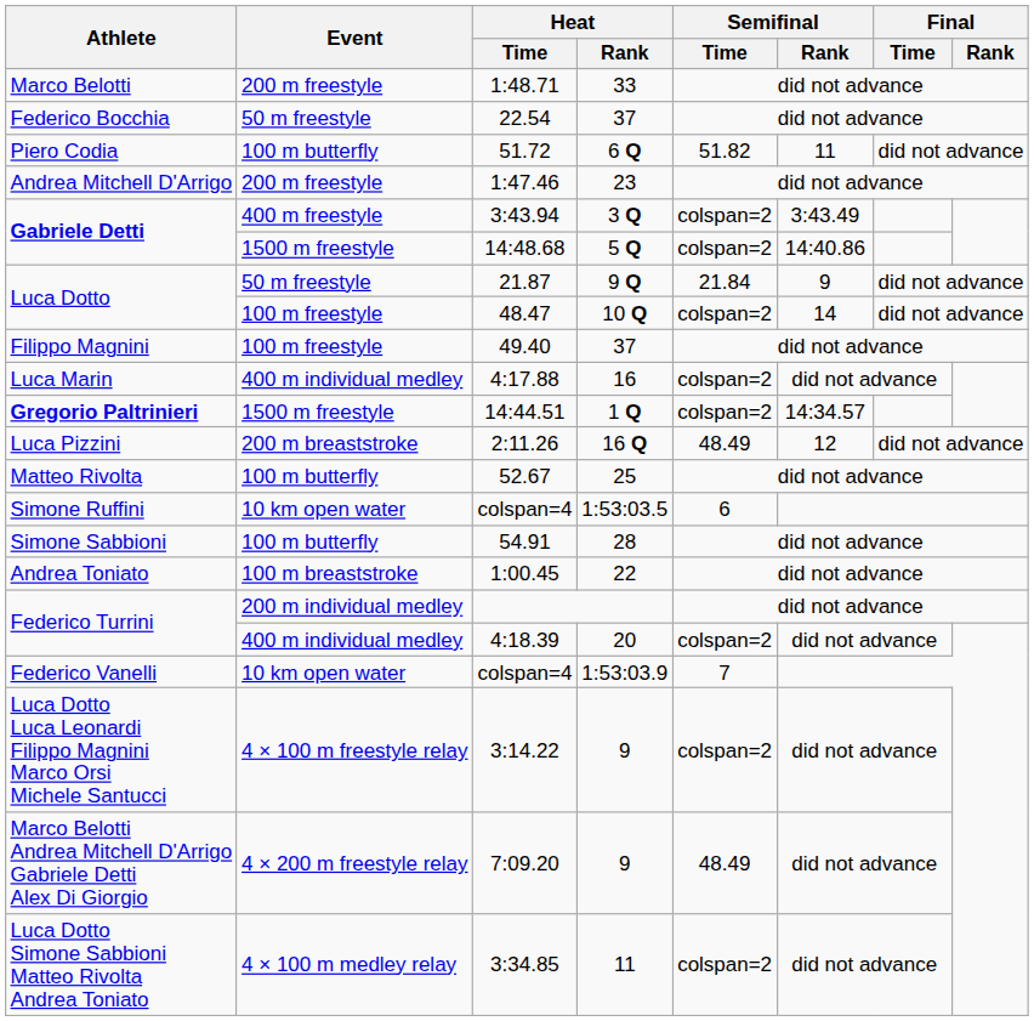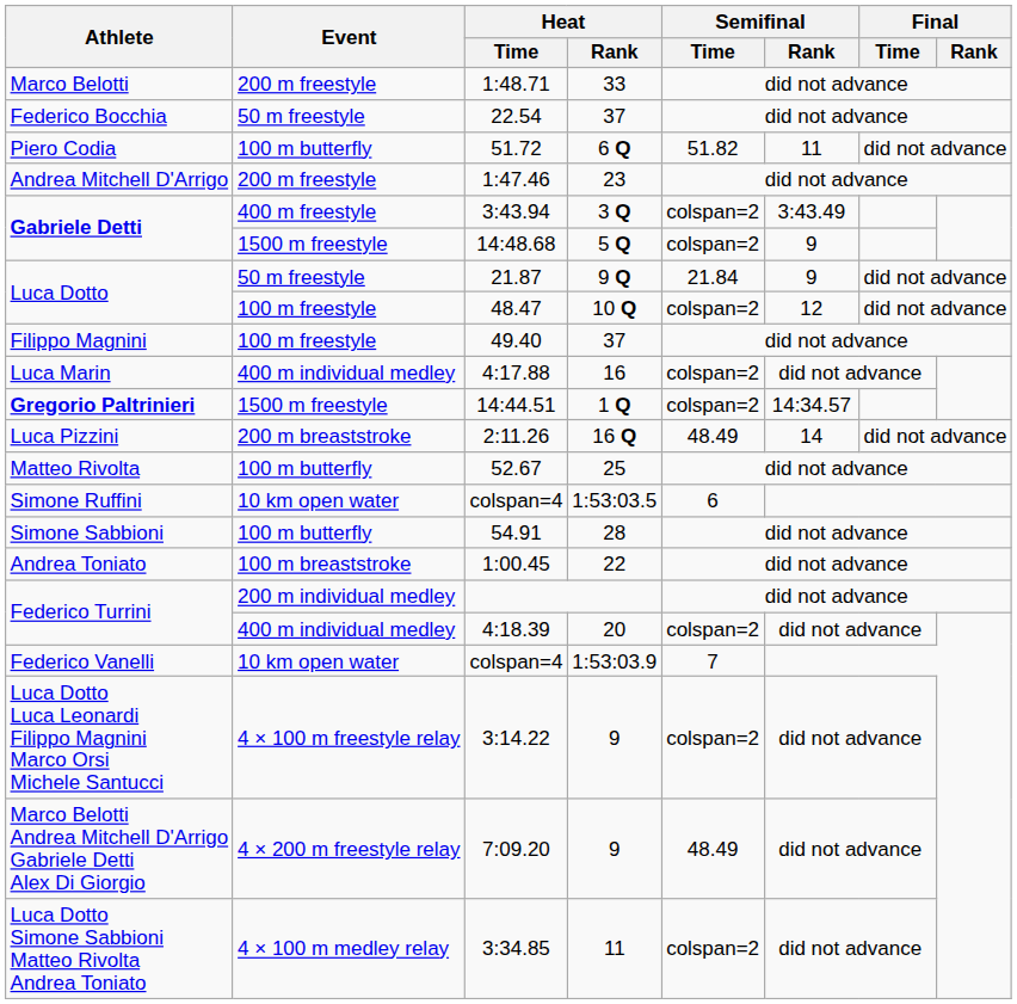 <table class=wikitable style="font-size:90%">
 <tr>
 <th rowspan="2">Athlete</th>
 <th rowspan="2">Event</th>
 <th colspan="2">Heat</th>
 <th colspan="2">Semifinal</th>
 <th colspan="2">Final</th>
 </tr>
 <tr style="font-size:95%">
 <th>Time</th>
 <th>Rank</th>
 <th>Time</th>
 <th>Rank</th>
 <th>Time</th>
 <th>Rank</th>
 </tr>
 <tr align=center>
 <td align=left><a href='#'>Marco Belotti</a></td>
 <td align=left><a href='#'>200 m freestyle</a></td>
 <td>1:48.71</td>
 <td>33</td>
 <td colspan=4>did not advance</td>
 </tr>
 <tr align=center>
 <td align=left><a href='#'>Federico Bocchia</a></td>
 <td align=left><a href='#'>50 m freestyle</a></td>
 <td>22.54</td>
 <td>37</td>
 <td colspan=4>did not advance</td>
 </tr>
 <tr align=center>
 <td align=left><a href='#'>Piero Codia</a></td>
 <td align=left><a href='#'>100 m butterfly</a></td>
 <td>51.72</td>
 <td>6 <strong>Q</strong></td>
 <td>51.82</td>
 <td>11</td>
 <td colspan=2>did not advance</td>
 </tr>
 <tr align=center>
 <td align=left><a href='#'>Andrea Mitchell D'Arrigo</a></td>
 <td align=left><a href='#'>200 m freestyle</a></td>
 <td>1:47.46</td>
 <td>23</td>
 <td colspan=4>did not advance</td>
 </tr>
 <tr align=center>
 <td align=left rowspan=2><strong><a href='#'>Gabriele Detti</a></strong></td>
 <td align=left><a href='#'>400 m freestyle</a></td>
 <td>3:43.94</td>
 <td>3 <strong>Q</strong></td>
 <td>colspan=2 </td>
 <td>3:43.49</td>
 <td></td>
 </tr>
 <tr align=center>
 <td align=left><a href='#'>1500 m freestyle</a></td>
 <td>14:48.68</td>
 <td>5 <strong>Q</strong></td>
 <td>colspan=2 </td>
-<td>14:40.86</td>
+<td>9</td>
 <td></td>
 </tr>
 <tr align=center>
 <td align=left rowspan=2><a href='#'>Luca Dotto</a></td>
 <td align=left><a href='#'>50 m freestyle</a></td>
 <td>21.87</td>
 <td>9 <strong>Q</strong></td>
 <td>21.84</td>
 <td>9</td>
 <td colspan=2>did not advance</td>
 </tr>
 <tr align=center>
 <td align=left><a href='#'>100 m freestyle</a></td>
 <td>48.47</td>
 <td>10 <strong>Q</strong></td>
 <td>colspan=2 </td>
-<td>14</td>
+<td>12</td>
 <td colspan=2>did not advance</td>
 </tr>
 <tr align=center>
 <td align=left><a href='#'>Filippo Magnini</a></td>
 <td align=left><a href='#'>100 m freestyle</a></td>
 <td>49.40</td>
 <td>37</td>
 <td colspan=4>did not advance</td>
 </tr>
 <tr align=center>
 <td align=left><a href='#'>Luca Marin</a></td>
 <td align=left><a href='#'>400 m individual medley</a></td>
 <td>4:17.88</td>
 <td>16</td>
 <td>colspan=2 </td>
 <td colspan=2>did not advance</td>
 </tr>
 <tr align=center>
 <td align=left><strong><a href='#'>Gregorio Paltrinieri</a></strong></td>
 <td align=left><a href='#'>1500 m freestyle</a></td>
 <td>14:44.51</td>
 <td>1 <strong>Q</strong></td>
 <td>colspan=2 </td>
 <td>14:34.57</td>
 <td></td>
 </tr>
 <tr align=center>
 <td align=left><a href='#'>Luca Pizzini</a></td>
 <td align=left><a href='#'>200 m breaststroke</a></td>
 <td>2:11.26</td>
 <td>16 <strong>Q</strong></td>
 <td>48.49</td>
-<td>12</td>
+<td>14</td>
 <td colspan=2>did not advance</td>
 </tr>
 <tr align=center>
 <td align=left><a href='#'>Matteo Rivolta</a></td>
 <td align=left><a href='#'>100 m butterfly</a></td>
 <td>52.67</td>
 <td>25</td>
 <td colspan=4>did not advance</td>
 </tr>
 <tr align=center>
 <td align=left><a href='#'>Simone Ruffini</a></td>
 <td align=left><a href='#'>10 km open water</a></td>
 <td>colspan=4 </td>
 <td>1:53:03.5</td>
 <td>6</td>
 </tr>
 <tr align=center>
 <td align=left><a href='#'>Simone Sabbioni</a></td>
 <td align=left><a href='#'>100 m butterfly</a></td>
 <td>54.91</td>
 <td>28</td>
 <td colspan=4>did not advance</td>
 </tr>
 <tr align=center>
 <td align=left><a href='#'>Andrea Toniato</a></td>
 <td align=left><a href='#'>100 m breaststroke</a></td>
 <td>1:00.45</td>
 <td>22</td>
 <td colspan=4>did not advance</td>
 </tr>
 <tr align=center>
 <td align=left rowspan=2><a href='#'>Federico Turrini</a></td>
 <td align=left><a href='#'>200 m individual medley</a></td>
 <td colspan=2></td>
 <td colspan=4>did not advance</td>
 </tr>
 <tr align=center>
 <td align=left><a href='#'>400 m individual medley</a></td>
 <td>4:18.39</td>
 <td>20</td>
 <td>colspan=2 </td>
 <td colspan=2>did not advance</td>
 </tr>
 <tr align=center>
 <td align=left><a href='#'>Federico Vanelli</a></td>
 <td align=left><a href='#'>10 km open water</a></td>
 <td>colspan=4 </td>
 <td>1:53:03.9</td>
 <td>7</td>
 </tr>
 <tr align=center>
 <td align=left><a href='#'>Luca Dotto</a><br><a href='#'>Luca Leonardi</a><br><a href='#'>Filippo Magnini</a><br><a href='#'>Marco Orsi</a><br><a href='#'>Michele Santucci</a></td>
 <td align=left><a href='#'>4 × 100 m freestyle relay</a></td>
 <td>3:14.22</td>
 <td>9</td>
 <td>colspan=2 </td>
 <td colspan=2>did not advance</td>
 </tr>
 <tr align=center>
 <td align=left><a href='#'>Marco Belotti</a><br><a href='#'>Andrea Mitchell D'Arrigo</a><br><a href='#'>Gabriele Detti</a><br><a href='#'>Alex Di Giorgio</a></td>
 <td align=left><a href='#'>4 × 200 m freestyle relay</a></td>
 <td>7:09.20</td>
 <td>9</td>
 <td>48.49</td>
 <td colspan=2>did not advance</td>
 </tr>
 <tr align=center>
 <td align=left><a href='#'>Luca Dotto</a><br><a href='#'>Simone Sabbioni</a><br><a href='#'>Matteo Rivolta</a><br><a href='#'>Andrea Toniato</a></td>
 <td align=left><a href='#'>4 × 100 m medley relay</a></td>
 <td>3:34.85</td>
 <td>11</td>
 <td>colspan=2 </td>
 <td colspan=2>did not advance</td>
 </tr>
 </table>
